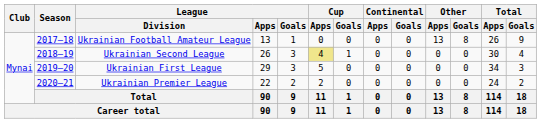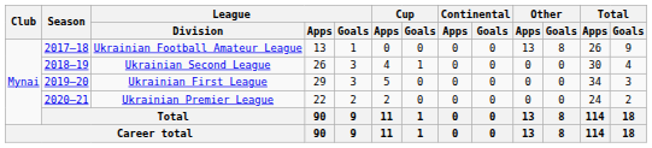 <table class="wikitable" style="text-align:center">
 <tr>
 <th rowspan="2">Club</th>
 <th rowspan="2">Season</th>
 <th colspan="3">League</th>
 <th colspan="2">Cup</th>
 <th colspan="2">Continental</th>
 <th colspan="2">Other</th>
 <th colspan="2">Total</th>
 </tr>
 <tr>
 <th>Division</th>
 <th>Apps</th>
 <th>Goals</th>
 <th>Apps</th>
 <th>Goals</th>
 <th>Apps</th>
 <th>Goals</th>
 <th>Apps</th>
 <th>Goals</th>
 <th>Apps</th>
 <th>Goals</th>
 </tr>
 <tr>
 <td rowspan="5"><a href='#'>Mynai</a></td>
 <td><a href='#'>2017–18</a></td>
 <td rowspan="1"><a href='#'>Ukrainian Football Amateur League</a></td>
 <td>13</td>
 <td>1</td>
 <td>0</td>
 <td>0</td>
 <td>0</td>
 <td>0</td>
 <td>13</td>
 <td>8</td>
 <td>26</td>
 <td>9</td>
 </tr>
 <tr>
 <td><a href='#'>2018–19</a></td>
 <td rowspan="1"><a href='#'>Ukrainian Second League</a></td>
 <td>26</td>
 <td>3</td>
-<td style="background: khaki;">4</td>
+<td>4</td>
 <td>1</td>
 <td>0</td>
 <td>0</td>
 <td>0</td>
 <td>0</td>
 <td>30</td>
 <td>4</td>
 </tr>
 <tr>
 <td><a href='#'>2019–20</a></td>
 <td rowspan="1"><a href='#'>Ukrainian First League</a></td>
 <td>29</td>
 <td>3</td>
 <td>5</td>
 <td>0</td>
 <td>0</td>
 <td>0</td>
 <td>0</td>
 <td>0</td>
 <td>34</td>
 <td>3</td>
 </tr>
 <tr>
 <td><a href='#'>2020–21</a></td>
 <td rowspan="1"><a href='#'>Ukrainian Premier League</a></td>
 <td>22</td>
 <td>2</td>
 <td>2</td>
 <td>0</td>
 <td>0</td>
 <td>0</td>
 <td>0</td>
 <td>0</td>
 <td>24</td>
 <td>2</td>
 </tr>
 <tr>
 <th colspan="2">Total</th>
 <th>90</th>
 <th>9</th>
 <th>11</th>
 <th>1</th>
 <th>0</th>
 <th>0</th>
 <th>13</th>
 <th>8</th>
 <th>114</th>
 <th>18</th>
 </tr>
 <tr>
 <th colspan="3">Career total</th>
 <th>90</th>
 <th>9</th>
 <th>11</th>
 <th>1</th>
 <th>0</th>
 <th>0</th>
 <th>13</th>
 <th>8</th>
 <th>114</th>
 <th>18</th>
 </tr>
 </table>
